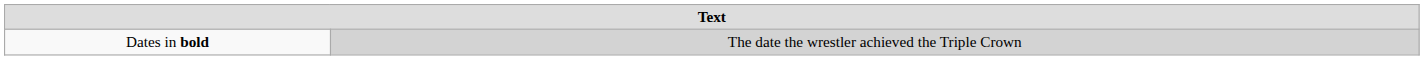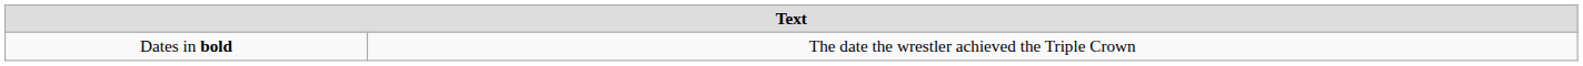 <table class="wikitable" style="width:100%; font-size:85%; text-align:center;">
 <tr>
 <th style="background:#ddd;" colspan="2">Text</th>
 </tr>
 <tr>
 <td>Dates in <strong>bold</strong></td>
-<td style="background: lightgrey;">The date the wrestler achieved the Triple Crown</td>
+<td>The date the wrestler achieved the Triple Crown</td>
 </tr>
 </table>
